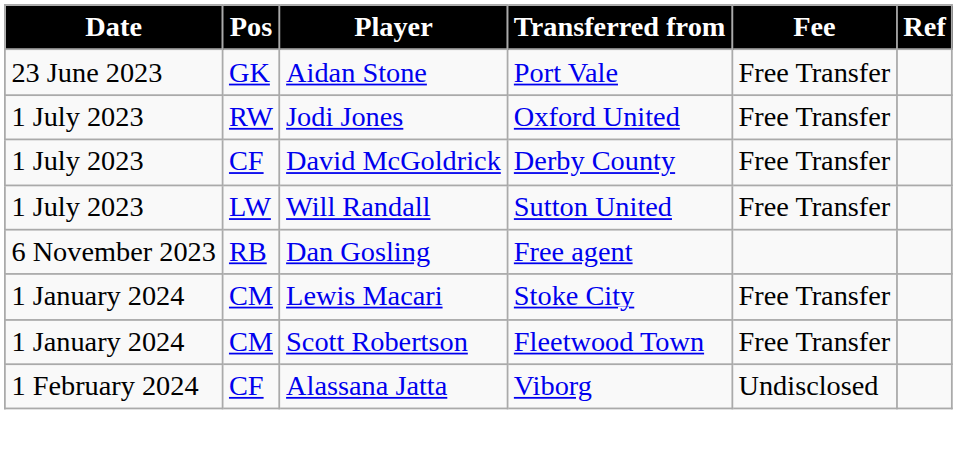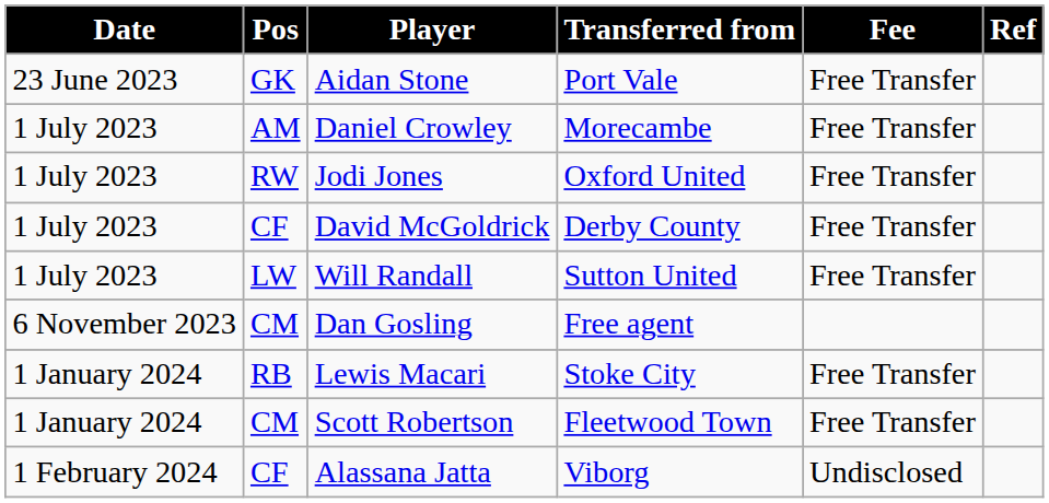 <table class="wikitable plainrowheaders sortable">
 <tr>
 <th style="background:black; color:white; ">Date</th>
 <th style="background:black; color:white; ">Pos</th>
 <th style="background:black; color:white; ">Player</th>
 <th style="background:black; color:white; ">Transferred from</th>
 <th style="background:black; color:white; ">Fee</th>
 <th style="background:black; color:white; ">Ref</th>
 </tr>
 <tr>
 <td>23 June 2023</td>
 <td><a href='#'>GK</a></td>
 <td> <a href='#'>Aidan Stone</a></td>
 <td> <a href='#'>Port Vale</a></td>
+<td>Free Transfer</td>
+<td></td>
+</tr>
+<tr>
+<td>1 July 2023</td>
+<td><a href='#'>AM</a></td>
+<td> <a href='#'>Daniel Crowley</a></td>
+<td> <a href='#'>Morecambe</a></td>
 <td>Free Transfer</td>
 <td></td>
 </tr>
 <tr>
 <td>1 July 2023</td>
 <td><a href='#'>RW</a></td>
 <td> <a href='#'>Jodi Jones</a></td>
 <td> <a href='#'>Oxford United</a></td>
 <td>Free Transfer</td>
 <td></td>
 </tr>
 <tr>
 <td>1 July 2023</td>
 <td><a href='#'>CF</a></td>
 <td> <a href='#'>David McGoldrick</a></td>
 <td> <a href='#'>Derby County</a></td>
 <td>Free Transfer</td>
 <td></td>
 </tr>
 <tr>
 <td>1 July 2023</td>
 <td><a href='#'>LW</a></td>
 <td> <a href='#'>Will Randall</a></td>
 <td> <a href='#'>Sutton United</a></td>
 <td>Free Transfer</td>
 <td></td>
 </tr>
 <tr>
 <td>6 November 2023</td>
-<td><a href='#'>RB</a></td>
+<td><a href='#'>CM</a></td>
 <td> <a href='#'>Dan Gosling</a></td>
 <td> <a href='#'>Free agent</a></td>
 <td></td>
 <td></td>
 </tr>
 <tr>
 <td>1 January 2024</td>
-<td><a href='#'>CM</a></td>
+<td><a href='#'>RB</a></td>
 <td> <a href='#'>Lewis Macari</a></td>
 <td> <a href='#'>Stoke City</a></td>
 <td>Free Transfer</td>
 <td></td>
 </tr>
 <tr>
 <td>1 January 2024</td>
 <td><a href='#'>CM</a></td>
 <td> <a href='#'>Scott Robertson</a></td>
 <td> <a href='#'>Fleetwood Town</a></td>
 <td>Free Transfer</td>
 <td></td>
 </tr>
 <tr>
 <td>1 February 2024</td>
 <td><a href='#'>CF</a></td>
 <td> <a href='#'>Alassana Jatta</a></td>
 <td> <a href='#'>Viborg</a></td>
 <td>Undisclosed</td>
 <td></td>
 </tr>
 </table>
